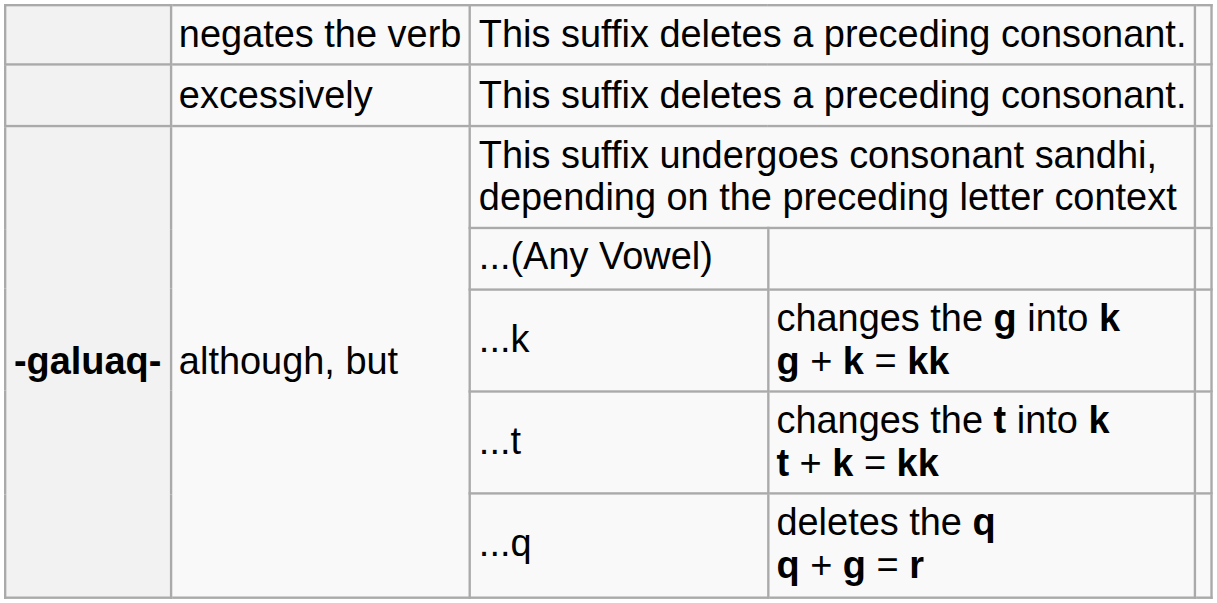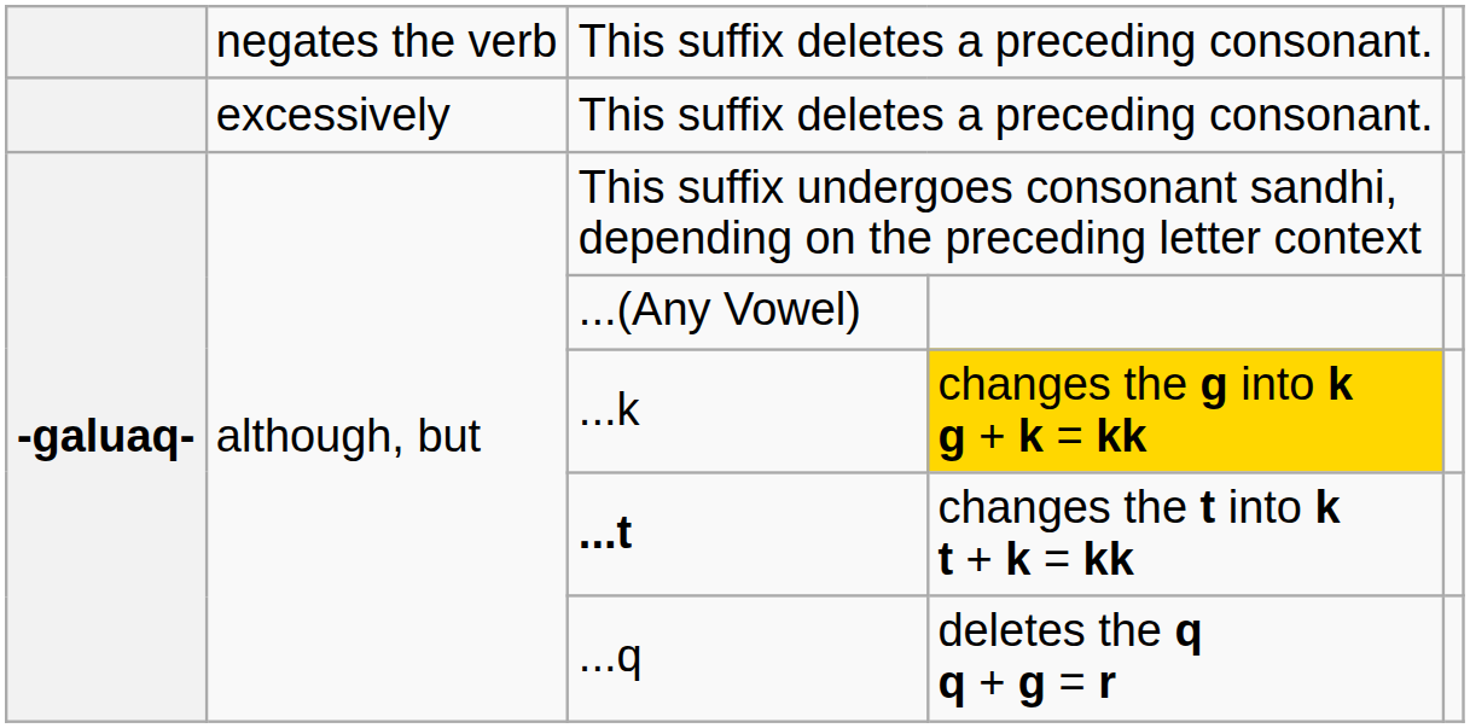 <table class="wikitable">
 <tr>
 <th></th>
 <td>negates the verb</td>
 <td colspan="2">This suffix deletes a preceding consonant.</td>
 <td><br></td>
 </tr>
 <tr>
 <th></th>
 <td>excessively</td>
 <td colspan="2">This suffix deletes a preceding consonant.</td>
 <td><br></td>
 </tr>
 <tr>
 <th rowspan="5">-galuaq-</th>
 <td rowspan="5">although, but</td>
 <td colspan="2">This suffix undergoes consonant sandhi,<br>depending on the preceding letter context</td>
 </tr>
 <tr>
 <td>...(Any Vowel)</td>
 <td></td>
 <td></td>
 </tr>
 <tr>
 <td>...k</td>
-<td> changes the <strong>g</strong> into <strong>k</strong><br><strong>g</strong> + <strong>k</strong> = <strong>kk</strong></td>
+<td style="background: gold;"> changes the <strong>g</strong> into <strong>k</strong><br><strong>g</strong> + <strong>k</strong> = <strong>kk</strong></td>
 <td></td>
 </tr>
 <tr>
-<td>...t</td>
+<td><strong>...t</strong></td>
 <td> changes the <strong>t</strong> into <strong>k</strong><br><strong>t</strong> + <strong>k</strong> = <strong>kk</strong></td>
 <td></td>
 </tr>
 <tr>
 <td>...q</td>
 <td> deletes the <strong>q</strong><br><strong>q</strong> + <strong>g</strong> = <strong>r</strong></td>
 <td></td>
 </tr>
 </table>
